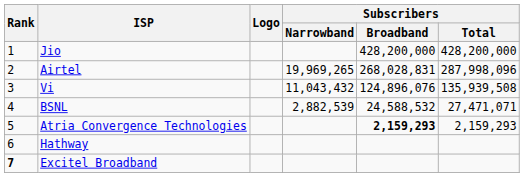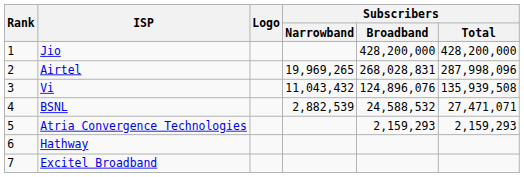 <table class="wikitable sortable">
 <tr>
 <th rowspan=2>Rank</th>
 <th rowspan=2>ISP</th>
 <th rowspan=2 class=unsortable>Logo</th>
 <th colspan=3>Subscribers</th>
 </tr>
 <tr>
 <th>Narrowband</th>
 <th>Broadband</th>
 <th>Total</th>
 </tr>
 <tr>
 <td>1</td>
 <td><a href='#'>Jio</a></td>
 <td></td>
 <td></td>
 <td align=right>428,200,000</td>
 <td align=right>428,200,000</td>
 </tr>
 <tr>
 <td>2</td>
 <td><a href='#'>Airtel</a></td>
 <td></td>
 <td align=right>19,969,265</td>
 <td align=right>268,028,831</td>
 <td align=right>287,998,096</td>
 </tr>
 <tr>
 <td>3</td>
 <td><a href='#'>Vi</a></td>
 <td></td>
 <td align=right>11,043,432</td>
 <td align=right>124,896,076</td>
 <td align=right>135,939,508</td>
 </tr>
 <tr>
 <td>4</td>
 <td><a href='#'>BSNL</a></td>
 <td></td>
 <td align=right>2,882,539</td>
 <td align=right>24,588,532</td>
 <td align=right>27,471,071</td>
 </tr>
 <tr>
 <td>5</td>
 <td><a href='#'>Atria Convergence Technologies</a></td>
 <td></td>
 <td></td>
-<td align=right><strong>2,159,293</strong></td>
+<td align=right>2,159,293</td>
 <td align=right>2,159,293</td>
 </tr>
 <tr>
 <td>6</td>
 <td><a href='#'>Hathway</a></td>
 <td></td>
 <td></td>
 <td></td>
 <td></td>
 </tr>
 <tr>
-<td><strong>7</strong></td>
+<td>7</td>
 <td><a href='#'>Excitel Broadband</a></td>
 <td></td>
 <td></td>
 <td></td>
 <td></td>
 </tr>
 </table>
